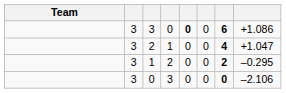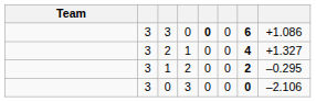 <table class="wikitable" style="text-align:center">
 <tr>
 <th style="width:175px;">Team</th>
 <th style="width:20px;"></th>
 <th style="width:20px;"></th>
 <th style="width:20px;"></th>
 <th style="width:20px;"></th>
 <th style="width:20px;"></th>
 <th style="width:20px;"></th>
 <th style="width:65px;"></th>
 </tr>
 <tr>
 <td style="text-align:left"></td>
 <td>3</td>
 <td>3</td>
 <td>0</td>
 <td><strong>0</strong></td>
 <td>0</td>
 <td><strong>6</strong></td>
 <td>+1.086</td>
 </tr>
 <tr>
 <td style="text-align:left"></td>
 <td>3</td>
 <td>2</td>
 <td>1</td>
 <td>0</td>
 <td>0</td>
 <td><strong>4</strong></td>
-<td>+1.047</td>
+<td>+1.327</td>
 </tr>
 <tr>
 <td style="text-align:left"></td>
 <td>3</td>
 <td>1</td>
 <td>2</td>
 <td>0</td>
 <td>0</td>
 <td><strong>2</strong></td>
 <td>–0.295</td>
 </tr>
 <tr>
 <td style="text-align:left"></td>
 <td>3</td>
 <td>0</td>
 <td>3</td>
 <td>0</td>
 <td>0</td>
 <td><strong>0</strong></td>
 <td>–2.106</td>
 </tr>
 </table>
